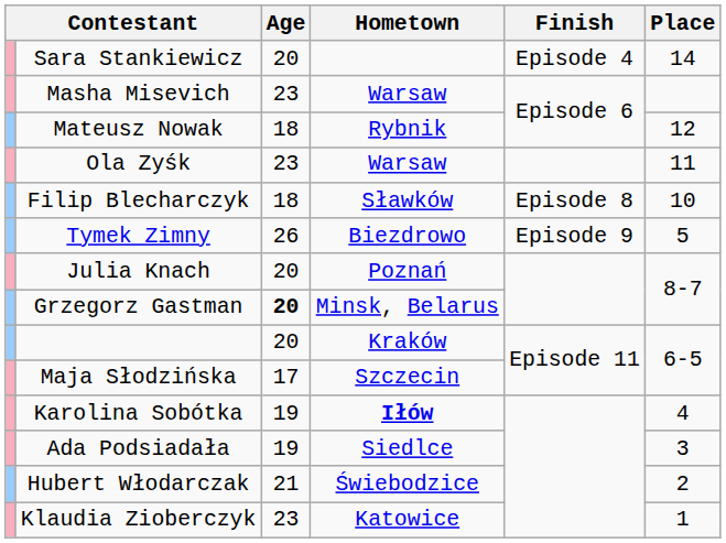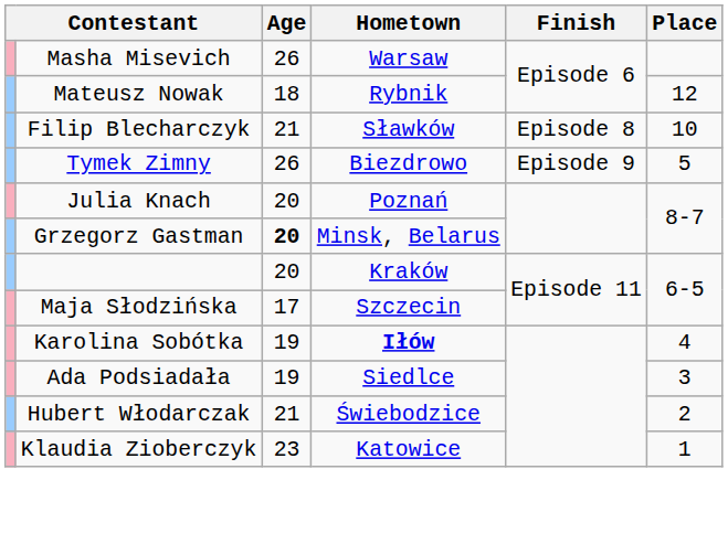 <table class="wikitable sortable" style="text-align:center;">
 <tr>
 <th colspan="2">Contestant</th>
 <th>Age</th>
 <th>Hometown</th>
 <th>Finish</th>
 <th>Place</th>
 </tr>
 <tr>
 <td style="background:#faafbe"></td>
-<td>Sara Stankiewicz</td>
-<td>20</td>
-<td></td>
-<td>Episode 4</td>
-<td>14</td>
-</tr>
-<tr>
-<td style="background:#faafbe"></td>
 <td>Masha Misevich</td>
-<td>23</td>
+<td>26</td>
 <td><a href='#'>Warsaw</a></td>
 <td rowspan="2">Episode 6</td>
 <td></td>
 </tr>
 <tr>
 <td style="background:#9cf;"></td>
 <td>Mateusz Nowak</td>
 <td>18</td>
 <td><a href='#'>Rybnik</a></td>
 <td>12</td>
 </tr>
 <tr>
-<td style="background:#faafbe"></td>
-<td>Ola Zyśk</td>
-<td>23</td>
-<td><a href='#'>Warsaw</a></td>
-<td></td>
-<td>11</td>
-</tr>
-<tr>
 <td style="background:#9cf;"></td>
 <td>Filip Blecharczyk</td>
-<td>18</td>
+<td>21</td>
 <td><a href='#'>Sławków</a></td>
 <td>Episode 8</td>
 <td>10</td>
 </tr>
 <tr>
 <td style="background:#9cf;"></td>
 <td><a href='#'>Tymek Zimny</a></td>
 <td>26</td>
 <td><a href='#'>Biezdrowo</a></td>
 <td>Episode 9</td>
 <td>5</td>
 </tr>
 <tr>
 <td style="background:#faafbe"></td>
 <td>Julia Knach</td>
 <td>20</td>
 <td><a href='#'>Poznań</a></td>
 <td rowspan="2"></td>
 <td rowspan="2">8-7</td>
 </tr>
 <tr>
 <td style="background:#9cf;"></td>
 <td>Grzegorz Gastman</td>
 <td><strong>20</strong></td>
 <td><a href='#'>Minsk</a>, <a href='#'>Belarus</a></td>
 </tr>
 <tr>
 <td style="background:#9cf;"></td>
 <td></td>
 <td>20</td>
 <td><a href='#'>Kraków</a></td>
 <td rowspan="2">Episode 11</td>
 <td rowspan="2">6-5</td>
 </tr>
 <tr>
 <td style="background:#faafbe"></td>
 <td>Maja Słodzińska</td>
 <td>17</td>
 <td><a href='#'>Szczecin</a></td>
 </tr>
 <tr>
 <td style="background:#faafbe"></td>
 <td>Karolina Sobótka</td>
 <td>19</td>
 <td><strong><a href='#'>Iłów</a></strong></td>
 <td rowspan="4"></td>
 <td>4</td>
 </tr>
 <tr>
 <td style="background:#faafbe"></td>
 <td>Ada Podsiadała</td>
 <td>19</td>
 <td><a href='#'>Siedlce</a></td>
 <td>3</td>
 </tr>
 <tr>
 <td style="background:#9cf;"></td>
 <td>Hubert Włodarczak</td>
 <td>21</td>
 <td><a href='#'>Świebodzice</a></td>
 <td>2</td>
 </tr>
 <tr>
 <td style="background:#faafbe"></td>
 <td>Klaudia Zioberczyk</td>
 <td>23</td>
 <td><a href='#'>Katowice</a></td>
 <td>1</td>
 </tr>
 </table>
